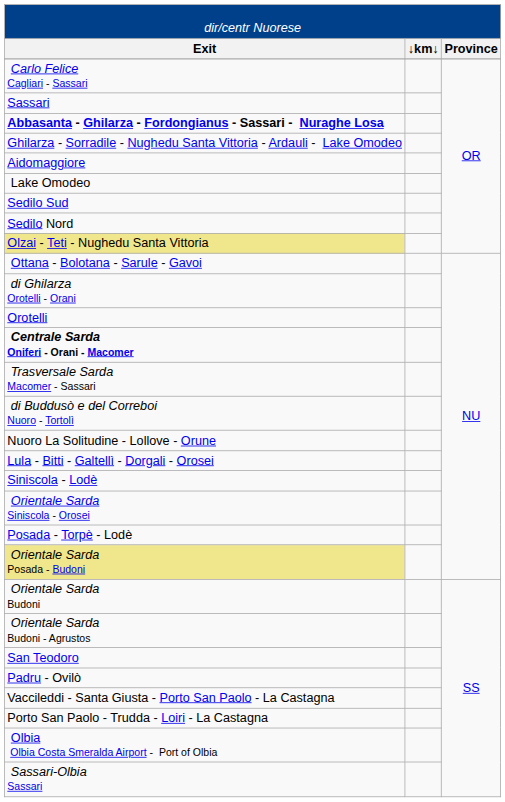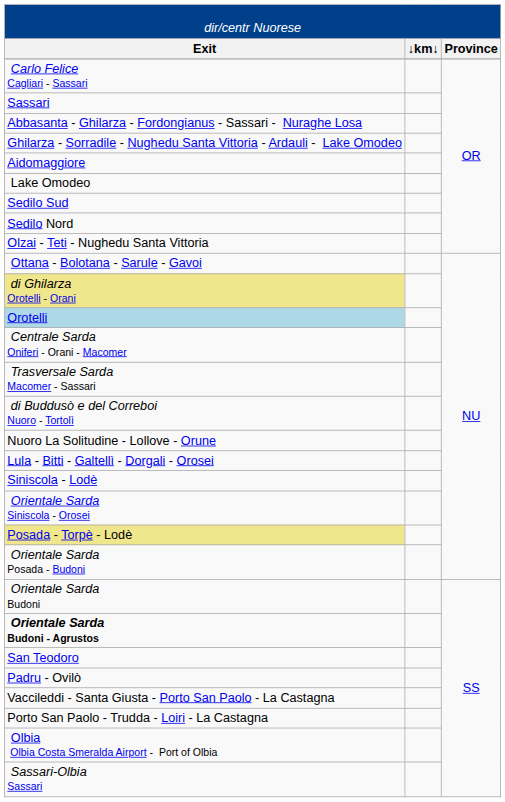 <table class="wikitable">
 <tr align="center" bgcolor="00408B" style="color: white;font-size:100%;">
 <td colspan="3"><br><em>dir/centr Nuorese</em><br></td>
 </tr>
 <tr>
 <th>Exit</th>
 <th>↓km↓</th>
 <th>Province</th>
 </tr>
 <tr>
 </tr>
 <tr>
 <td>   <em><a href='#'>Carlo Felice</a></em><br><small><a href='#'>Cagliari</a> - <a href='#'>Sassari</a></small></td>
 <td></td>
 <td rowspan="9" align="center"><a href='#'>OR</a></td>
 </tr>
 <tr>
 <td> <a href='#'>Sassari</a></td>
 <td></td>
 </tr>
 <tr>
-<td><strong> <a href='#'>Abbasanta</a> - <a href='#'>Ghilarza</a> - <a href='#'>Fordongianus</a> - Sassari -  <a href='#'>Nuraghe Losa</a></strong></td>
+<td> <a href='#'>Abbasanta</a> - <a href='#'>Ghilarza</a> - <a href='#'>Fordongianus</a> - Sassari -  <a href='#'>Nuraghe Losa</a></td>
 <td></td>
 </tr>
 <tr>
 <td> <a href='#'>Ghilarza</a> - <a href='#'>Sorradile</a> - <a href='#'>Nughedu Santa Vittoria</a> - <a href='#'>Ardauli</a> -  <a href='#'>Lake Omodeo</a></td>
 <td></td>
 </tr>
 <tr>
 <td> <a href='#'>Aidomaggiore</a></td>
 <td></td>
 </tr>
 <tr>
 <td>  Lake Omodeo</td>
 <td></td>
 </tr>
 <tr>
 <td> <a href='#'>Sedilo Sud</a></td>
 <td></td>
 </tr>
 <tr>
 <td> <a href='#'>Sedilo</a> Nord</td>
 <td></td>
 </tr>
 <tr>
-<td style="background: khaki;"> <a href='#'>Olzai</a> - <a href='#'>Teti</a> - Nughedu Santa Vittoria</td>
+<td> <a href='#'>Olzai</a> - <a href='#'>Teti</a> - Nughedu Santa Vittoria</td>
 <td></td>
 </tr>
 <tr>
 <td>  <a href='#'>Ottana</a> - <a href='#'>Bolotana</a> - <a href='#'>Sarule</a> - <a href='#'>Gavoi</a></td>
 <td></td>
 <td rowspan="12" align="center"><a href='#'>NU</a></td>
 </tr>
 <tr>
-<td>  <em>di Ghilarza<br></em><small><a href='#'>Orotelli</a> - <a href='#'>Orani</a></small></td>
+<td style="background: khaki;">  <em>di Ghilarza<br></em><small><a href='#'>Orotelli</a> - <a href='#'>Orani</a></small></td>
 <td></td>
 </tr>
 <tr>
-<td> <a href='#'>Orotelli</a></td>
+<td style="background: lightblue;"> <a href='#'>Orotelli</a></td>
 <td></td>
 </tr>
 <tr>
-<td><strong>  <em>Centrale Sarda</em><br><small><a href='#'>Oniferi</a> - Orani - <a href='#'>Macomer</a></small></strong></td>
+<td>  <em>Centrale Sarda</em><br><small><a href='#'>Oniferi</a> - Orani - <a href='#'>Macomer</a></small></td>
 <td></td>
 </tr>
 <tr>
 <td>  <em>Trasversale Sarda</em><br><small><a href='#'>Macomer</a> - Sassari</small></td>
 <td></td>
 </tr>
 <tr>
 <td>  <em>di Buddusò e del Correboi</em><br><small><a href='#'>Nuoro</a> - <a href='#'>Tortolì</a></small></td>
 <td></td>
 </tr>
 <tr>
 <td> Nuoro La Solitudine - Lollove - <a href='#'>Orune</a></td>
 <td></td>
 </tr>
 <tr>
 <td> <a href='#'>Lula</a> - <a href='#'>Bitti</a> - <a href='#'>Galtellì</a> - <a href='#'>Dorgali</a> - <a href='#'>Orosei</a></td>
 <td></td>
 </tr>
 <tr>
 <td> <a href='#'>Siniscola</a> - <a href='#'>Lodè</a></td>
 <td></td>
 </tr>
 <tr>
 <td>  <em><a href='#'>Orientale Sarda</a></em><small><br><a href='#'>Siniscola</a> - <a href='#'>Orosei</a></small></td>
 <td></td>
 </tr>
 <tr>
-<td> <a href='#'>Posada</a> - <a href='#'>Torpè</a> - Lodè</td>
+<td style="background: khaki;"> <a href='#'>Posada</a> - <a href='#'>Torpè</a> - Lodè</td>
 <td></td>
 </tr>
 <tr>
-<td style="background: khaki;">  <em>Orientale Sarda</em><br><small>Posada - <a href='#'>Budoni</a></small></td>
+<td>  <em>Orientale Sarda</em><br><small>Posada - <a href='#'>Budoni</a></small></td>
 <td></td>
 </tr>
 <tr>
 <td>  <em>Orientale Sarda</em><br><small>Budoni</small></td>
 <td></td>
 <td rowspan="8" align="center"><a href='#'>SS</a></td>
 </tr>
 <tr>
-<td>  <em>Orientale Sarda</em><br><small>Budoni - Agrustos</small></td>
+<td><strong>  <em>Orientale Sarda</em><br><small>Budoni - Agrustos</small></strong></td>
 <td></td>
 </tr>
 <tr>
 <td> <a href='#'>San Teodoro</a></td>
 <td></td>
 </tr>
 <tr>
 <td> <a href='#'>Padru</a> - Ovilò</td>
 <td></td>
 </tr>
 <tr>
 <td> Vaccileddi - Santa Giusta - <a href='#'>Porto San Paolo</a> - La Castagna</td>
 <td></td>
 </tr>
 <tr>
 <td> Porto San Paolo - Trudda - <a href='#'>Loiri</a> - La Castagna</td>
 <td></td>
 </tr>
 <tr>
 <td>  <a href='#'>Olbia</a><br><small> <a href='#'>Olbia Costa Smeralda Airport</a> -  Port of Olbia</small></td>
 <td></td>
 </tr>
 <tr>
 <td>  <em>Sassari-Olbia</em><br><small><a href='#'>Sassari</a></small></td>
 <td></td>
 </tr>
 </table>
